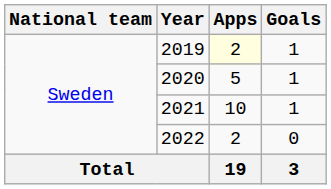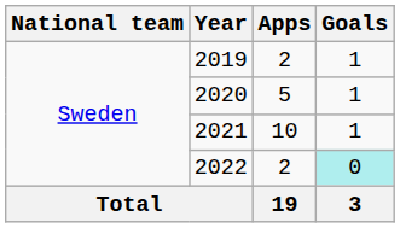 <table class="wikitable" style="text-align:center">
 <tr>
 <th>National team</th>
 <th>Year</th>
 <th>Apps</th>
 <th>Goals</th>
 </tr>
 <tr>
 <td rowspan="4"><a href='#'>Sweden</a></td>
 <td>2019</td>
-<td style="background: lightyellow;">2</td>
+<td>2</td>
 <td>1</td>
 </tr>
 <tr>
 <td>2020</td>
 <td>5</td>
 <td>1</td>
 </tr>
 <tr>
 <td>2021</td>
 <td>10</td>
 <td>1</td>
 </tr>
 <tr>
 <td>2022</td>
 <td>2</td>
-<td>0</td>
+<td style="background: paleturquoise;">0</td>
 </tr>
 <tr>
 <th colspan="2">Total</th>
 <th>19</th>
 <th>3</th>
 </tr>
 </table>
